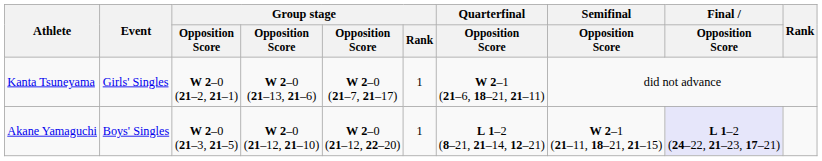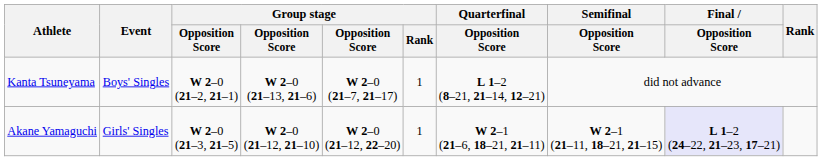 <table class="wikitable" style="font-size:90%">
 <tr>
 <th rowspan=2>Athlete</th>
 <th rowspan=2>Event</th>
 <th colspan=4>Group stage</th>
 <th>Quarterfinal</th>
 <th>Semifinal</th>
 <th>Final / </th>
 <th rowspan=2>Rank</th>
 </tr>
 <tr style="font-size:95%">
 <th>Opposition<br>Score</th>
 <th>Opposition<br>Score</th>
 <th>Opposition<br>Score</th>
 <th>Rank</th>
 <th>Opposition<br>Score</th>
 <th>Opposition<br>Score</th>
 <th>Opposition<br>Score</th>
 </tr>
 <tr align=center>
 <td align=left><a href='#'>Kanta Tsuneyama</a></td>
-<td align=left><a href='#'>Girls' Singles</a></td>
+<td align=left><a href='#'>Boys' Singles</a></td>
 <td align=center> <br><strong>W</strong> <strong>2</strong>–0 <br> (<strong>21</strong>–2, <strong>21</strong>–1)</td>
 <td align=center> <br><strong>W</strong> <strong>2</strong>–0 <br> (<strong>21</strong>–13, <strong>21</strong>–6)</td>
 <td align=center> <br><strong>W</strong> <strong>2</strong>–0 <br> (<strong>21</strong>–7, <strong>21</strong>–17)</td>
 <td>1</td>
-<td align=center> <br><strong>W</strong> <strong>2</strong>–1 <br> (<strong>21</strong>–6, <strong>18</strong>–21, <strong>21</strong>–11)</td>
+<td align=center> <br><strong>L</strong> <strong>1</strong>–2 <br> (<strong>8</strong>–21, <strong>21</strong>–14, <strong>12</strong>–21)</td>
 <td colspan=3>did not advance</td>
 </tr>
 <tr align=center>
 <td align=left><a href='#'>Akane Yamaguchi</a></td>
-<td align=left><a href='#'>Boys' Singles</a></td>
+<td align=left><a href='#'>Girls' Singles</a></td>
 <td align=center> <br><strong>W</strong> <strong>2</strong>–0 <br> (<strong>21</strong>–3, <strong>21</strong>–5)</td>
 <td align=center> <br><strong>W</strong> <strong>2</strong>–0 <br> (<strong>21</strong>–12, <strong>21</strong>–10)</td>
 <td align=center> <br><strong>W</strong> <strong>2</strong>–0 <br> (<strong>21</strong>–12, <strong>22</strong>–20)</td>
 <td>1</td>
-<td align=center> <br><strong>L</strong> <strong>1</strong>–2 <br> (<strong>8</strong>–21, <strong>21</strong>–14, <strong>12</strong>–21)</td>
+<td align=center> <br><strong>W</strong> <strong>2</strong>–1 <br> (<strong>21</strong>–6, <strong>18</strong>–21, <strong>21</strong>–11)</td>
 <td align=center> <br><strong>W</strong> <strong>2</strong>–1 <br> (<strong>21</strong>–11, <strong>18</strong>–21, <strong>21</strong>–15)</td>
 <td align=center style="background: lavender;"> <br><strong>L</strong> <strong>1</strong>–2 <br> (<strong>24</strong>–22, <strong>21</strong>–23, <strong>17</strong>–21)</td>
 <td></td>
 </tr>
 </table>
